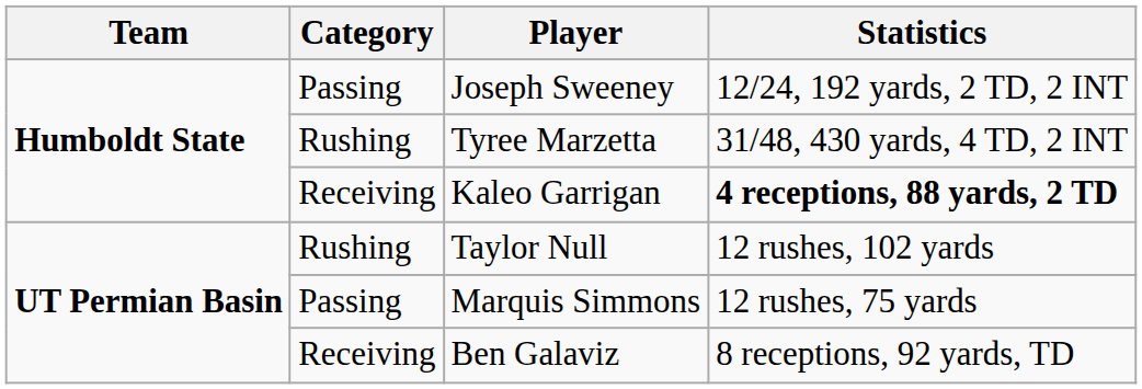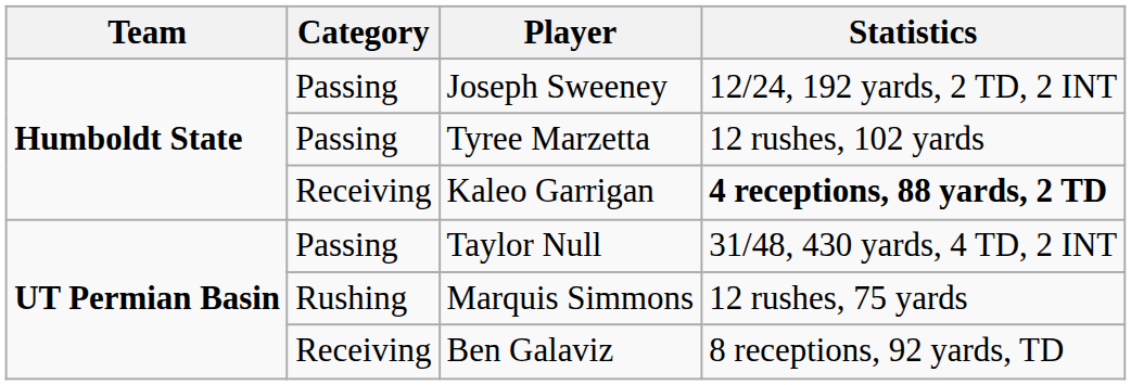 <table class="wikitable" style="float: right;">
 <tr>
 <th>Team</th>
 <th>Category</th>
 <th>Player</th>
 <th>Statistics</th>
 </tr>
 <tr>
 <td rowspan=3><strong>Humboldt State</strong></td>
 <td>Passing</td>
 <td>Joseph Sweeney</td>
 <td>12/24, 192 yards, 2 TD, 2 INT</td>
 </tr>
 <tr>
-<td>Rushing</td>
+<td>Passing</td>
 <td>Tyree Marzetta</td>
-<td>31/48, 430 yards, 4 TD, 2 INT</td>
+<td>12 rushes, 102 yards</td>
 </tr>
 <tr>
 <td>Receiving</td>
 <td>Kaleo Garrigan</td>
 <td><strong>4 receptions, 88 yards, 2 TD</strong></td>
 </tr>
 <tr>
 <td rowspan=3><strong>UT Permian Basin</strong></td>
-<td>Rushing</td>
+<td>Passing</td>
 <td>Taylor Null</td>
-<td>12 rushes, 102 yards</td>
+<td>31/48, 430 yards, 4 TD, 2 INT</td>
 </tr>
 <tr>
-<td>Passing</td>
+<td>Rushing</td>
 <td>Marquis Simmons</td>
 <td>12 rushes, 75 yards</td>
 </tr>
 <tr>
 <td>Receiving</td>
 <td>Ben Galaviz</td>
 <td>8 receptions, 92 yards, TD</td>
 </tr>
 </table>
